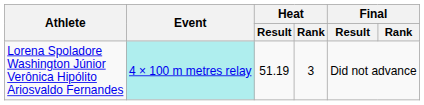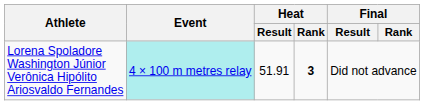 <table class="wikitable" style="font-size:90%">
 <tr>
 <th rowspan="2">Athlete</th>
 <th rowspan="2">Event</th>
 <th colspan="2">Heat</th>
 <th colspan="2">Final</th>
 </tr>
 <tr style="font-size:95%">
 <th>Result</th>
 <th>Rank</th>
 <th>Result</th>
 <th>Rank</th>
 </tr>
 <tr align=center>
 <td align=left><a href='#'>Lorena Spoladore</a><br><a href='#'>Washington Júnior</a><br><a href='#'>Verônica Hipólito</a><br><a href='#'>Ariosvaldo Fernandes</a></td>
 <td align=left style="background: paleturquoise;"><a href='#'>4 × 100 m metres relay</a></td>
-<td>51.19</td>
-<td>3</td>
+<td>51.91</td>
+<td><strong>3</strong></td>
 <td colspan=2>Did not advance</td>
 </tr>
 </table>
